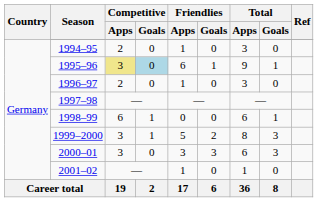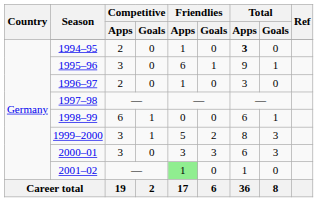 <table class="wikitable" style="text-align: center;">
 <tr>
 <th rowspan="2">Country</th>
 <th rowspan="2">Season</th>
 <th colspan="2">Competitive</th>
 <th colspan="2">Friendlies</th>
 <th colspan="2">Total</th>
 <th rowspan="2" colspan="2">Ref</th>
 </tr>
 <tr>
 <th>Apps</th>
 <th>Goals</th>
 <th>Apps</th>
 <th>Goals</th>
 <th>Apps</th>
 <th>Goals</th>
 </tr>
 <tr>
 <td rowspan="9"><a href='#'>Germany</a></td>
 </tr>
 <tr>
 <td><a href='#'>1994–95</a></td>
 <td>2</td>
 <td>0</td>
 <td>1</td>
 <td>0</td>
-<td>3</td>
+<td><strong>3</strong></td>
 <td>0</td>
 <td></td>
 </tr>
 <tr>
 <td><a href='#'>1995–96</a></td>
-<td style="background: khaki;">3</td>
-<td style="background: lightblue;">0</td>
+<td>3</td>
+<td>0</td>
 <td>6</td>
 <td>1</td>
 <td>9</td>
 <td>1</td>
 <td></td>
 </tr>
 <tr>
 <td><a href='#'>1996–97</a></td>
 <td>2</td>
 <td>0</td>
 <td>1</td>
 <td>0</td>
 <td>3</td>
 <td>0</td>
 <td></td>
 </tr>
 <tr>
 <td><a href='#'>1997–98</a></td>
 <td colspan="2">—</td>
 <td colspan="2">—</td>
 <td colspan="2">—</td>
 <td></td>
 </tr>
 <tr>
 <td><a href='#'>1998–99</a></td>
 <td>6</td>
 <td>1</td>
 <td>0</td>
 <td>0</td>
 <td>6</td>
 <td>1</td>
 <td></td>
 </tr>
 <tr>
 <td><a href='#'>1999–2000</a></td>
 <td>3</td>
 <td>1</td>
 <td>5</td>
 <td>2</td>
 <td>8</td>
 <td>3</td>
 <td></td>
 </tr>
 <tr>
 <td><a href='#'>2000–01</a></td>
 <td>3</td>
 <td>0</td>
 <td>3</td>
 <td>3</td>
 <td>6</td>
 <td>3</td>
 <td></td>
 </tr>
 <tr>
 <td><a href='#'>2001–02</a></td>
 <td colspan="2">—</td>
-<td>1</td>
+<td style="background: lightgreen;">1</td>
 <td>0</td>
 <td>1</td>
 <td>0</td>
 <td></td>
 </tr>
 <tr>
 <th colspan="2">Career total</th>
 <th>19</th>
 <th>2</th>
 <th>17</th>
 <th>6</th>
 <th>36</th>
 <th>8</th>
 <th></th>
 </tr>
 </table>
